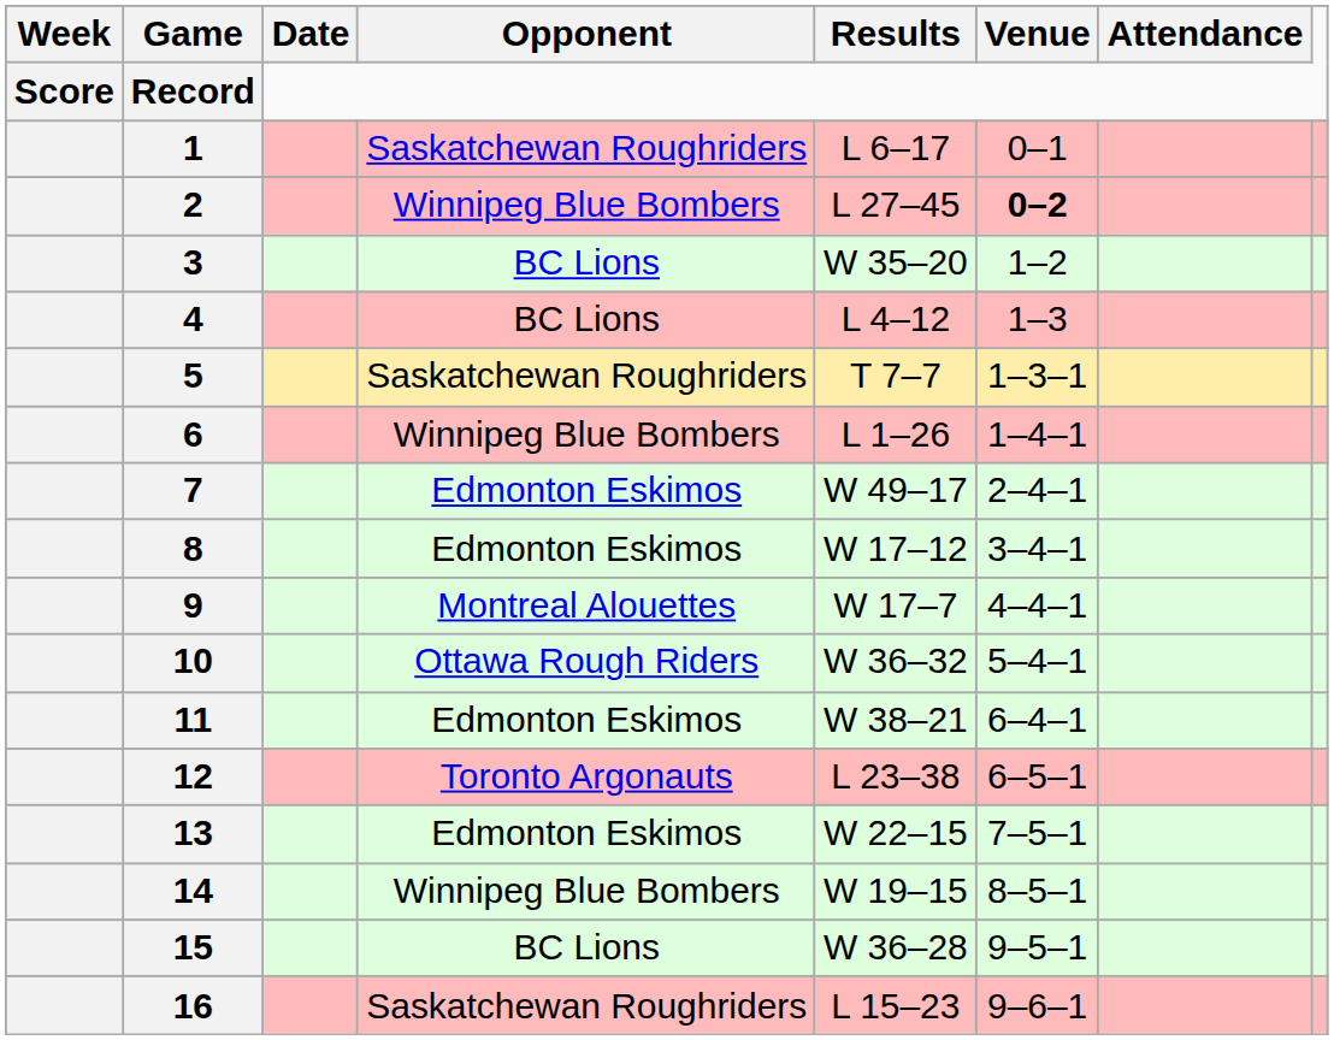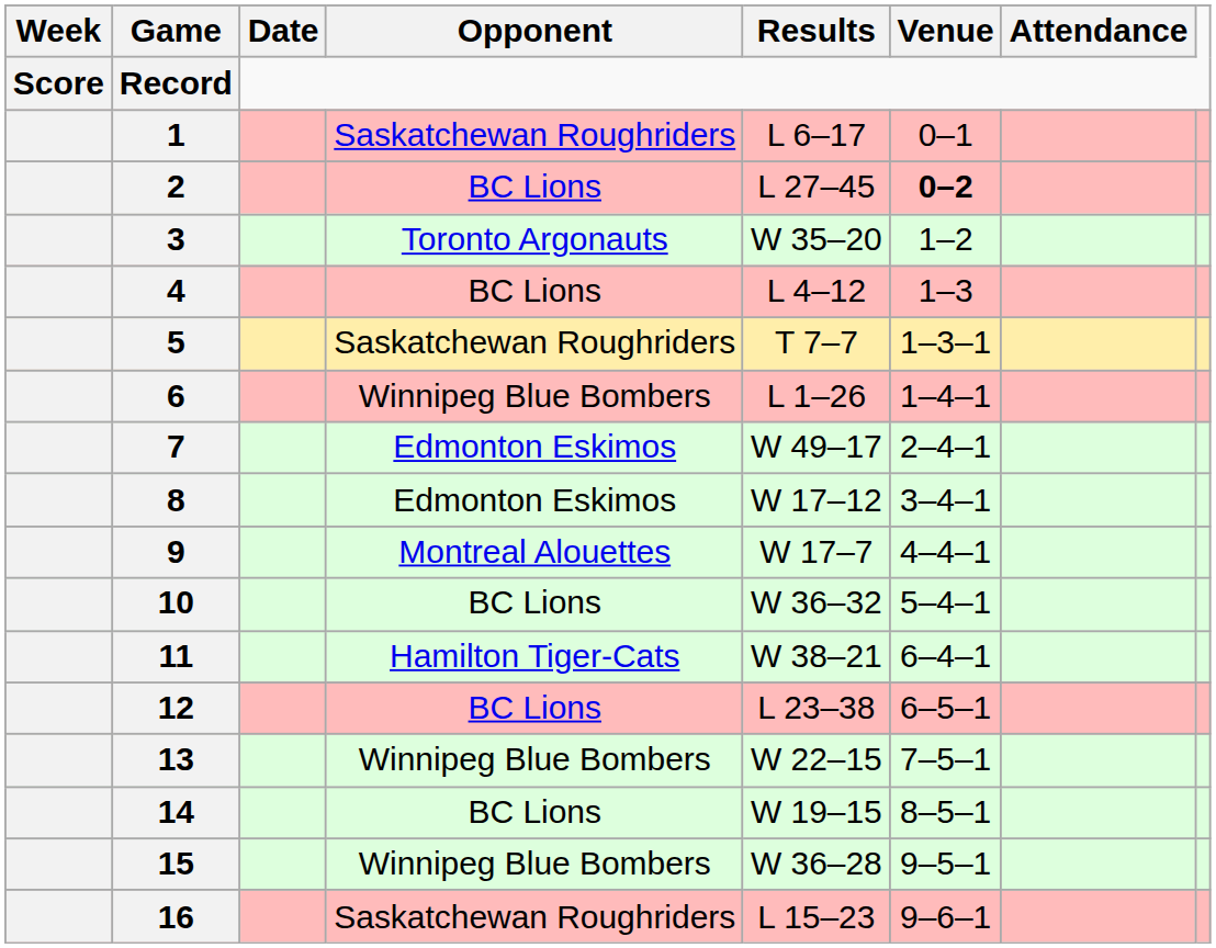 <table class="wikitable" style="text-align:center">
 <tr>
 <th>Week</th>
 <th>Game</th>
 <th>Date</th>
 <th>Opponent</th>
 <th>Results</th>
 <th>Venue</th>
 <th>Attendance</th>
 </tr>
 <tr>
 <th>Score</th>
 <th>Record</th>
 </tr>
 <tr style="background:#ffbbbb">
 <th></th>
 <th>1</th>
 <td></td>
 <td><a href='#'>Saskatchewan Roughriders</a></td>
 <td>L 6–17</td>
 <td>0–1</td>
 <td></td>
 <td></td>
 </tr>
 <tr style="background:#ffbbbb">
 <th></th>
 <th>2</th>
 <td></td>
-<td><a href='#'>Winnipeg Blue Bombers</a></td>
+<td><a href='#'>BC Lions</a></td>
 <td>L 27–45</td>
 <td><strong>0–2</strong></td>
 <td></td>
 <td></td>
 </tr>
 <tr style="background:#ddffdd">
 <th></th>
 <th>3</th>
 <td></td>
-<td><a href='#'>BC Lions</a></td>
+<td><a href='#'>Toronto Argonauts</a></td>
 <td>W 35–20</td>
 <td>1–2</td>
 <td></td>
 <td></td>
 </tr>
 <tr style="background:#ffbbbb">
 <th></th>
 <th>4</th>
 <td></td>
 <td>BC Lions</td>
 <td>L 4–12</td>
 <td>1–3</td>
 <td></td>
 <td></td>
 </tr>
 <tr style="background:#ffeeaa">
 <th></th>
 <th>5</th>
 <td></td>
 <td>Saskatchewan Roughriders</td>
 <td>T 7–7</td>
 <td>1–3–1</td>
 <td></td>
 <td></td>
 </tr>
 <tr style="background:#ffbbbb">
 <th></th>
 <th>6</th>
 <td></td>
 <td>Winnipeg Blue Bombers</td>
 <td>L 1–26</td>
 <td>1–4–1</td>
 <td></td>
 <td></td>
 </tr>
 <tr style="background:#ddffdd">
 <th></th>
 <th>7</th>
 <td></td>
 <td><a href='#'>Edmonton Eskimos</a></td>
 <td>W 49–17</td>
 <td>2–4–1</td>
 <td></td>
 <td></td>
 </tr>
 <tr style="background:#ddffdd">
 <th></th>
 <th>8</th>
 <td></td>
 <td>Edmonton Eskimos</td>
 <td>W 17–12</td>
 <td>3–4–1</td>
 <td></td>
 <td></td>
 </tr>
 <tr style="background:#ddffdd">
 <th></th>
 <th>9</th>
 <td></td>
 <td><a href='#'>Montreal Alouettes</a></td>
 <td>W 17–7</td>
 <td>4–4–1</td>
 <td></td>
 <td></td>
 </tr>
 <tr style="background:#ddffdd">
 <th></th>
 <th>10</th>
 <td></td>
-<td><a href='#'>Ottawa Rough Riders</a></td>
+<td>BC Lions</td>
 <td>W 36–32</td>
 <td>5–4–1</td>
 <td></td>
 <td></td>
 </tr>
 <tr style="background:#ddffdd">
 <th></th>
 <th>11</th>
 <td></td>
-<td>Edmonton Eskimos</td>
+<td><a href='#'>Hamilton Tiger-Cats</a></td>
 <td>W 38–21</td>
 <td>6–4–1</td>
 <td></td>
 <td></td>
 </tr>
 <tr style="background:#ffbbbb">
 <th></th>
 <th>12</th>
 <td></td>
-<td><a href='#'>Toronto Argonauts</a></td>
+<td><a href='#'>BC Lions</a></td>
 <td>L 23–38</td>
 <td>6–5–1</td>
 <td></td>
 <td></td>
 </tr>
 <tr style="background:#ddffdd">
 <th></th>
 <th>13</th>
 <td></td>
-<td>Edmonton Eskimos</td>
+<td>Winnipeg Blue Bombers</td>
 <td>W 22–15</td>
 <td>7–5–1</td>
 <td></td>
 <td></td>
 </tr>
 <tr style="background:#ddffdd">
 <th></th>
 <th>14</th>
 <td></td>
-<td>Winnipeg Blue Bombers</td>
+<td>BC Lions</td>
 <td>W 19–15</td>
 <td>8–5–1</td>
 <td></td>
 <td></td>
 </tr>
 <tr style="background:#ddffdd">
 <th></th>
 <th>15</th>
 <td></td>
-<td>BC Lions</td>
+<td>Winnipeg Blue Bombers</td>
 <td>W 36–28</td>
 <td>9–5–1</td>
 <td></td>
 <td></td>
 </tr>
 <tr style="background:#ffbbbb">
 <th></th>
 <th>16</th>
 <td></td>
 <td>Saskatchewan Roughriders</td>
 <td>L 15–23</td>
 <td>9–6–1</td>
 <td></td>
 <td></td>
 </tr>
 </table>
